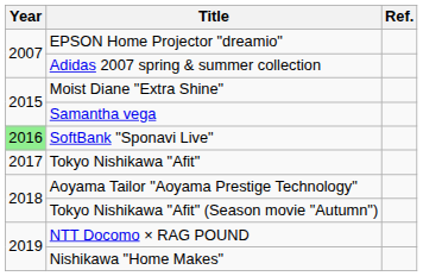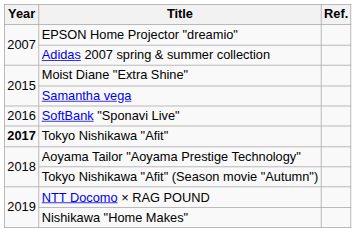 <table class="wikitable">
 <tr>
 <th>Year</th>
 <th>Title</th>
 <th>Ref.</th>
 </tr>
 <tr>
 <td rowspan="2">2007</td>
 <td>EPSON Home Projector "dreamio"</td>
 <td></td>
 </tr>
 <tr>
 <td><a href='#'>Adidas</a> 2007 spring & summer collection</td>
 <td></td>
 </tr>
 <tr>
 <td rowspan="2">2015</td>
 <td>Moist Diane "Extra Shine"</td>
 <td></td>
 </tr>
 <tr>
 <td><a href='#'>Samantha vega</a></td>
 <td></td>
 </tr>
 <tr>
-<td style="background: lightgreen;">2016</td>
+<td>2016</td>
 <td><a href='#'>SoftBank</a> "Sponavi Live"</td>
 <td></td>
 </tr>
 <tr>
-<td>2017</td>
+<td><strong>2017</strong></td>
 <td>Tokyo Nishikawa "Afit"</td>
 <td></td>
 </tr>
 <tr>
 <td rowspan="2">2018</td>
 <td>Aoyama Tailor "Aoyama Prestige Technology"</td>
 <td></td>
 </tr>
 <tr>
 <td>Tokyo Nishikawa "Afit" (Season movie "Autumn")</td>
 <td></td>
 </tr>
 <tr>
 <td rowspan="2">2019</td>
 <td><a href='#'>NTT Docomo</a> × RAG POUND</td>
 <td></td>
 </tr>
 <tr>
 <td>Nishikawa "Home Makes"</td>
 <td></td>
 </tr>
 </table>
